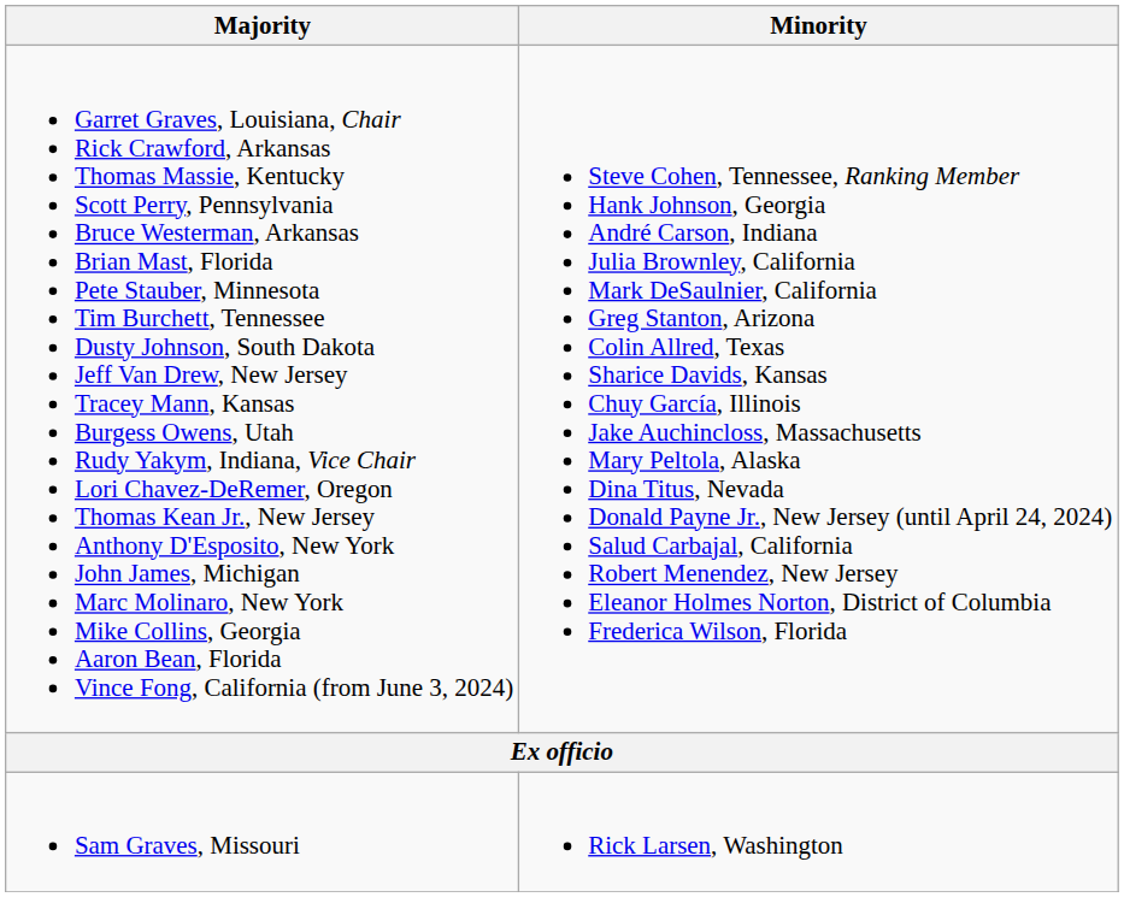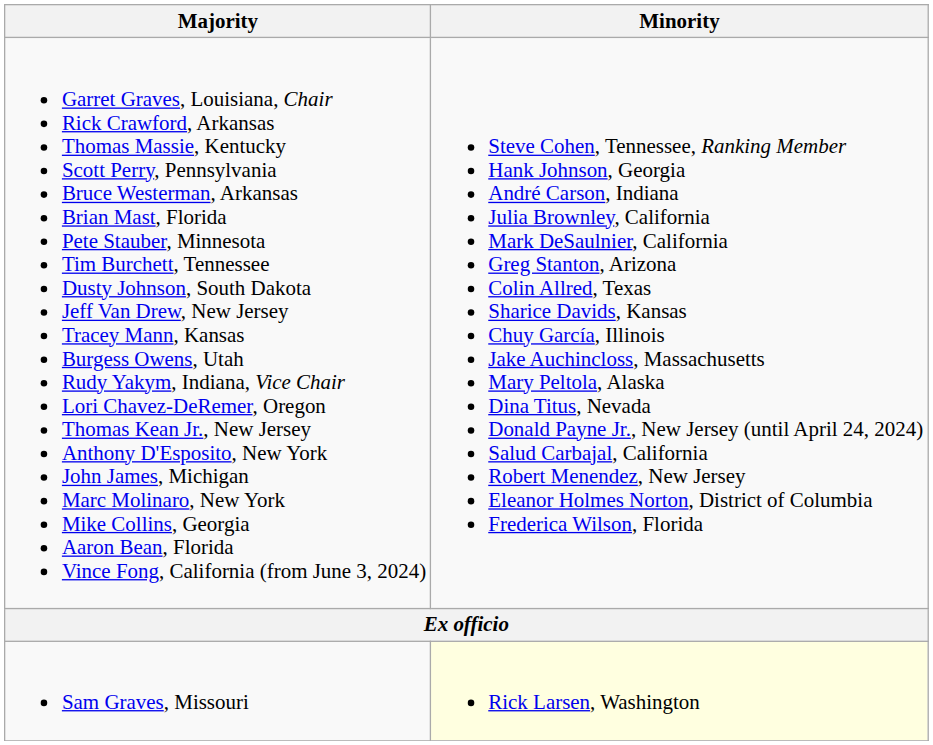 <table class=wikitable>
 <tr>
 <th>Majority</th>
 <th>Minority</th>
 </tr>
 <tr>
 <td><br><ul><li><a href='#'>Garret Graves</a>, Louisiana, <em>Chair</em></li><li><a href='#'>Rick Crawford</a>, Arkansas</li><li><a href='#'>Thomas Massie</a>, Kentucky</li><li><a href='#'>Scott Perry</a>, Pennsylvania</li><li><a href='#'>Bruce Westerman</a>, Arkansas</li><li><a href='#'>Brian Mast</a>, Florida</li><li><a href='#'>Pete Stauber</a>, Minnesota</li><li><a href='#'>Tim Burchett</a>, Tennessee</li><li><a href='#'>Dusty Johnson</a>, South Dakota</li><li><a href='#'>Jeff Van Drew</a>, New Jersey</li><li><a href='#'>Tracey Mann</a>, Kansas</li><li><a href='#'>Burgess Owens</a>, Utah</li><li><a href='#'>Rudy Yakym</a>, Indiana, <em>Vice Chair</em></li><li><a href='#'>Lori Chavez-DeRemer</a>, Oregon</li><li><a href='#'>Thomas Kean Jr.</a>, New Jersey</li><li><a href='#'>Anthony D'Esposito</a>, New York</li><li><a href='#'>John James</a>, Michigan</li><li><a href='#'>Marc Molinaro</a>, New York</li><li><a href='#'>Mike Collins</a>, Georgia</li><li><a href='#'>Aaron Bean</a>, Florida</li><li><a href='#'>Vince Fong</a>, California (from June 3, 2024)</li></ul></td>
 <td><br><ul><li><a href='#'>Steve Cohen</a>, Tennessee, <em>Ranking Member</em></li><li><a href='#'>Hank Johnson</a>, Georgia</li><li><a href='#'>André Carson</a>, Indiana</li><li><a href='#'>Julia Brownley</a>, California</li><li><a href='#'>Mark DeSaulnier</a>, California</li><li><a href='#'>Greg Stanton</a>, Arizona</li><li><a href='#'>Colin Allred</a>, Texas</li><li><a href='#'>Sharice Davids</a>, Kansas</li><li><a href='#'>Chuy García</a>, Illinois</li><li><a href='#'>Jake Auchincloss</a>, Massachusetts</li><li><a href='#'>Mary Peltola</a>, Alaska</li><li><a href='#'>Dina Titus</a>, Nevada</li><li><a href='#'>Donald Payne Jr.</a>, New Jersey (until April 24, 2024)</li><li><a href='#'>Salud Carbajal</a>, California</li><li><a href='#'>Robert Menendez</a>, New Jersey</li><li><a href='#'>Eleanor Holmes Norton</a>, District of Columbia</li><li><a href='#'>Frederica Wilson</a>, Florida</li></ul></td>
 </tr>
 <tr>
 <th colspan=2><em>Ex officio</em></th>
 </tr>
 <tr>
 <td><br><ul><li><a href='#'>Sam Graves</a>, Missouri</li></ul></td>
-<td><br><ul><li><a href='#'>Rick Larsen</a>, Washington</li></ul></td>
+<td style="background: lightyellow;"><br><ul><li><a href='#'>Rick Larsen</a>, Washington</li></ul></td>
 </tr>
 </table>
